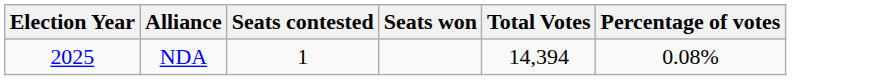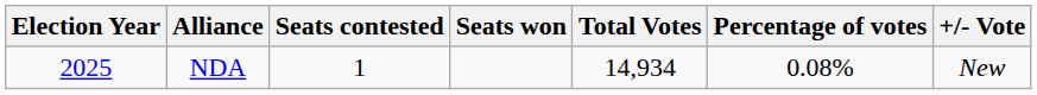 <table class="wikitable" style="text-align:center">
 <tr>
 <th Style="background-color:">Election Year</th>
 <th Style="background-color:">Alliance</th>
 <th Style="background-color:">Seats contested</th>
 <th Style="background-color:">Seats won</th>
 <th Style="background-color:">Total Votes</th>
 <th Style="background-color:">Percentage of votes</th>
+<th Style="background-color:">+/- Vote</th>
 </tr>
 <tr>
 <td><a href='#'>2025</a></td>
 <td><a href='#'>NDA</a></td>
 <td>1</td>
 <td></td>
-<td>14,394</td>
+<td>14,934</td>
 <td>0.08%</td>
+<td><em>New</em></td>
 </tr>
 </table>
